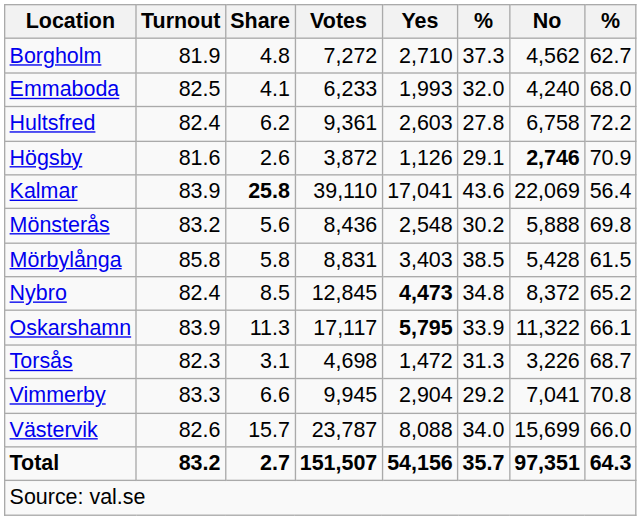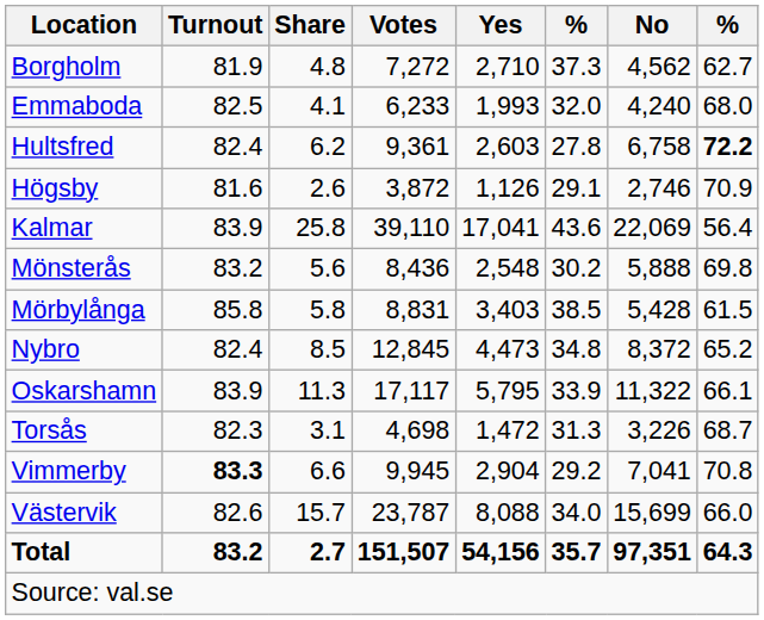 <table class="wikitable sortable" style=text-align:right>
 <tr>
 <th>Location</th>
 <th>Turnout</th>
 <th>Share</th>
 <th>Votes</th>
 <th>Yes</th>
 <th>%</th>
 <th>No</th>
 <th>%</th>
 </tr>
 <tr>
 <td align=left><a href='#'>Borgholm</a></td>
 <td>81.9</td>
 <td>4.8</td>
 <td>7,272</td>
 <td>2,710</td>
 <td>37.3</td>
 <td>4,562</td>
 <td>62.7</td>
 </tr>
 <tr>
 <td align=left><a href='#'>Emmaboda</a></td>
 <td>82.5</td>
 <td>4.1</td>
 <td>6,233</td>
 <td>1,993</td>
 <td>32.0</td>
 <td>4,240</td>
 <td>68.0</td>
 </tr>
 <tr>
 <td align=left><a href='#'>Hultsfred</a></td>
 <td>82.4</td>
 <td>6.2</td>
 <td>9,361</td>
 <td>2,603</td>
 <td>27.8</td>
 <td>6,758</td>
-<td>72.2</td>
+<td><strong>72.2</strong></td>
 </tr>
 <tr>
 <td align=left><a href='#'>Högsby</a></td>
 <td>81.6</td>
 <td>2.6</td>
 <td>3,872</td>
 <td>1,126</td>
 <td>29.1</td>
-<td><strong>2,746</strong></td>
+<td>2,746</td>
 <td>70.9</td>
 </tr>
 <tr>
 <td align=left><a href='#'>Kalmar</a></td>
 <td>83.9</td>
-<td><strong>25.8</strong></td>
+<td>25.8</td>
 <td>39,110</td>
 <td>17,041</td>
 <td>43.6</td>
 <td>22,069</td>
 <td>56.4</td>
 </tr>
 <tr>
 <td align=left><a href='#'>Mönsterås</a></td>
 <td>83.2</td>
 <td>5.6</td>
 <td>8,436</td>
 <td>2,548</td>
 <td>30.2</td>
 <td>5,888</td>
 <td>69.8</td>
 </tr>
 <tr>
 <td align=left><a href='#'>Mörbylånga</a></td>
 <td>85.8</td>
 <td>5.8</td>
 <td>8,831</td>
 <td>3,403</td>
 <td>38.5</td>
 <td>5,428</td>
 <td>61.5</td>
 </tr>
 <tr>
 <td align=left><a href='#'>Nybro</a></td>
 <td>82.4</td>
 <td>8.5</td>
 <td>12,845</td>
-<td><strong>4,473</strong></td>
+<td>4,473</td>
 <td>34.8</td>
 <td>8,372</td>
 <td>65.2</td>
 </tr>
 <tr>
 <td align=left><a href='#'>Oskarshamn</a></td>
 <td>83.9</td>
 <td>11.3</td>
 <td>17,117</td>
-<td><strong>5,795</strong></td>
+<td>5,795</td>
 <td>33.9</td>
 <td>11,322</td>
 <td>66.1</td>
 </tr>
 <tr>
 <td align=left><a href='#'>Torsås</a></td>
 <td>82.3</td>
 <td>3.1</td>
 <td>4,698</td>
 <td>1,472</td>
 <td>31.3</td>
 <td>3,226</td>
 <td>68.7</td>
 </tr>
 <tr>
 <td align=left><a href='#'>Vimmerby</a></td>
-<td>83.3</td>
+<td><strong>83.3</strong></td>
 <td>6.6</td>
 <td>9,945</td>
 <td>2,904</td>
 <td>29.2</td>
 <td>7,041</td>
 <td>70.8</td>
 </tr>
 <tr>
 <td align=left><a href='#'>Västervik</a></td>
 <td>82.6</td>
 <td>15.7</td>
 <td>23,787</td>
 <td>8,088</td>
 <td>34.0</td>
 <td>15,699</td>
 <td>66.0</td>
 </tr>
 <tr>
 <td align=left><strong>Total</strong></td>
 <td><strong>83.2</strong></td>
 <td><strong>2.7</strong></td>
 <td><strong>151,507</strong></td>
 <td><strong>54,156</strong></td>
 <td><strong>35.7</strong></td>
 <td><strong>97,351</strong></td>
 <td><strong>64.3</strong></td>
 </tr>
 <tr>
 <td align=left colspan=8>Source: val.se </td>
 </tr>
 </table>
